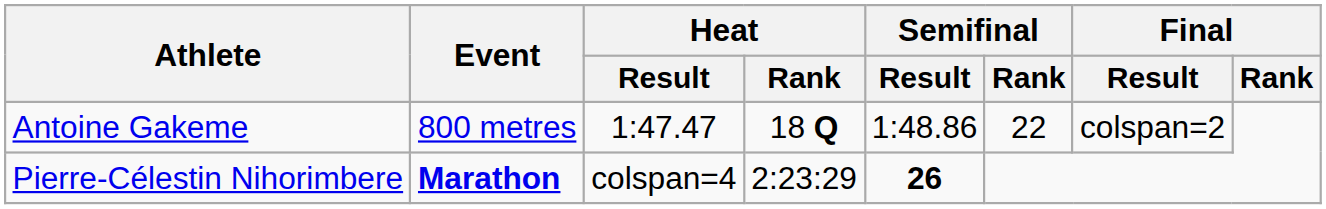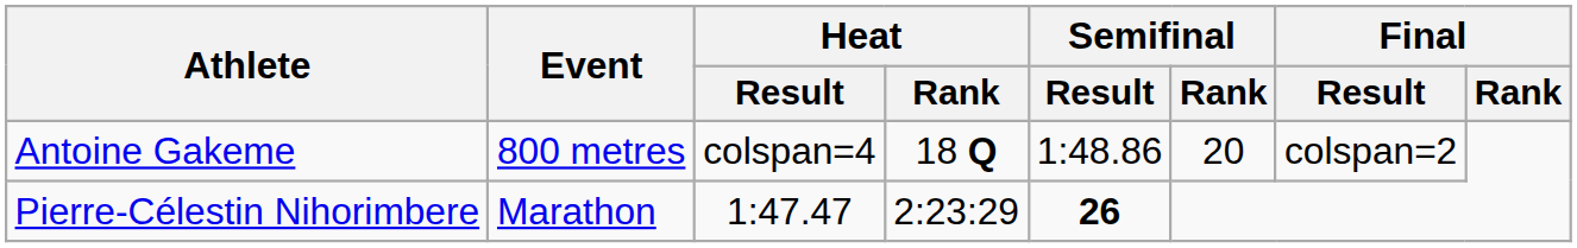 <table class="wikitable" style="font-size:90%">
 <tr>
 <th rowspan="2">Athlete</th>
 <th rowspan="2">Event</th>
 <th colspan="2">Heat</th>
 <th colspan="2">Semifinal</th>
 <th colspan="2">Final</th>
 </tr>
 <tr style="font-size:95%">
 <th>Result</th>
 <th>Rank</th>
 <th>Result</th>
 <th>Rank</th>
 <th>Result</th>
 <th>Rank</th>
 </tr>
 <tr style=text-align:center>
 <td style=text-align:left><a href='#'>Antoine Gakeme</a></td>
 <td style=text-align:left><a href='#'>800 metres</a></td>
-<td>1:47.47</td>
+<td>colspan=4 </td>
 <td>18 <strong>Q</strong></td>
 <td>1:48.86</td>
-<td>22</td>
+<td>20</td>
 <td>colspan=2 </td>
 </tr>
 <tr style=text-align:center>
 <td style=text-align:left><a href='#'>Pierre-Célestin Nihorimbere</a></td>
-<td style=text-align:left><strong><a href='#'>Marathon</a></strong></td>
-<td>colspan=4 </td>
+<td style=text-align:left><a href='#'>Marathon</a></td>
+<td>1:47.47</td>
 <td>2:23:29</td>
 <td><strong>26</strong></td>
 </tr>
 </table>
